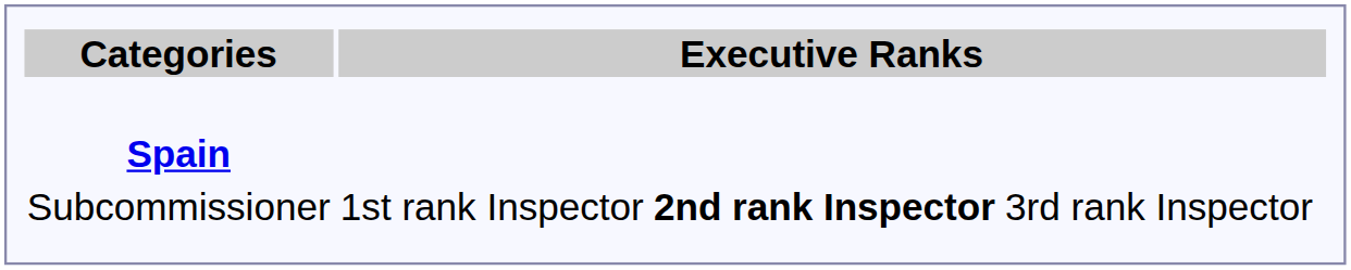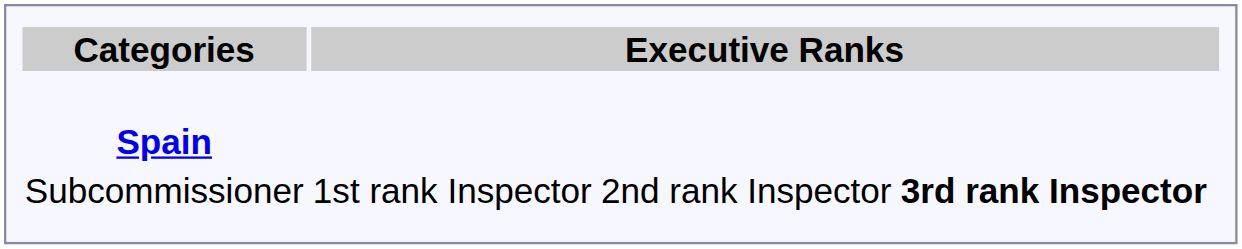 <table style="border:1px solid #8888aa; background-color:#f7f8ff; padding:5px; font-size:95%; margin:0px 12px 12px 0px;">
 <tr>
 </tr>
 <tr bgcolor="#CCCCCC">
 <th><strong>Categories</strong></th>
 <th colspan=5>Executive Ranks</th>
 </tr>
 <tr>
 </tr>
 <tr>
 <td align="center" rowspan=2><strong><br><a href='#'>Spain</a></strong></td>
 <td align="center" colspan=1></td>
 <td align="center" colspan=1></td>
 <td align="center" colspan=1></td>
 <td align="center" colspan=1></td>
 </tr>
 <tr rowspan="2">
 </tr>
 <tr align="center">
 <td align="center" colspan=1>Subcommissioner</td>
 <td align="center" colspan=1>1st rank Inspector</td>
-<td align="center" colspan=1><strong>2nd rank Inspector</strong></td>
-<td align="center" colspan=1>3rd rank Inspector</td>
+<td align="center" colspan=1>2nd rank Inspector</td>
+<td align="center" colspan=1><strong>3rd rank Inspector</strong></td>
 </tr>
 <tr>
 <td colspan=10></td>
 </tr>
 <tr>
 </tr>
 </table>
